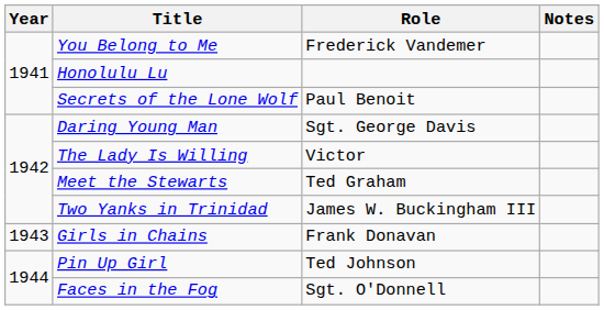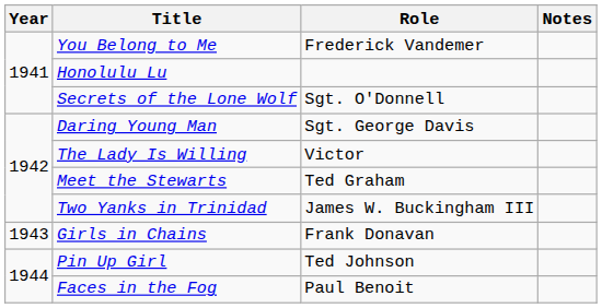 <table class="wikitable sortable">
 <tr>
 <th>Year</th>
 <th>Title</th>
 <th>Role</th>
 <th class="unsortable">Notes</th>
 </tr>
 <tr>
 <td rowspan=3>1941</td>
 <td><em><a href='#'>You Belong to Me</a></em></td>
 <td>Frederick Vandemer</td>
 <td></td>
 </tr>
 <tr>
 <td><em><a href='#'>Honolulu Lu</a></em></td>
 <td></td>
 <td></td>
 </tr>
 <tr>
 <td><em><a href='#'>Secrets of the Lone Wolf</a></em></td>
-<td>Paul Benoit</td>
+<td>Sgt. O'Donnell</td>
 <td></td>
 </tr>
 <tr>
 <td rowspan=4>1942</td>
 <td><em><a href='#'>Daring Young Man</a></em></td>
 <td>Sgt. George Davis</td>
 <td></td>
 </tr>
 <tr>
 <td><em><a href='#'>The Lady Is Willing</a></em></td>
 <td>Victor</td>
 <td></td>
 </tr>
 <tr>
 <td><em><a href='#'>Meet the Stewarts</a></em></td>
 <td>Ted Graham</td>
 <td></td>
 </tr>
 <tr>
 <td><em><a href='#'>Two Yanks in Trinidad</a></em></td>
 <td>James W. Buckingham III</td>
 <td></td>
 </tr>
 <tr>
 <td>1943</td>
 <td><em><a href='#'>Girls in Chains</a></em></td>
 <td>Frank Donavan</td>
 <td></td>
 </tr>
 <tr>
 <td rowspan=2>1944</td>
 <td><em><a href='#'>Pin Up Girl</a></em></td>
 <td>Ted Johnson</td>
 <td></td>
 </tr>
 <tr>
 <td><em><a href='#'>Faces in the Fog</a></em></td>
-<td>Sgt. O'Donnell</td>
+<td>Paul Benoit</td>
 <td></td>
 </tr>
 </table>
